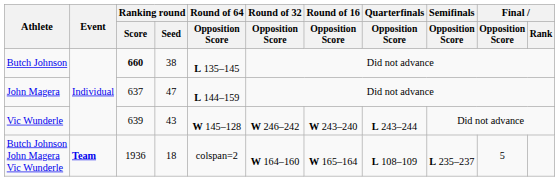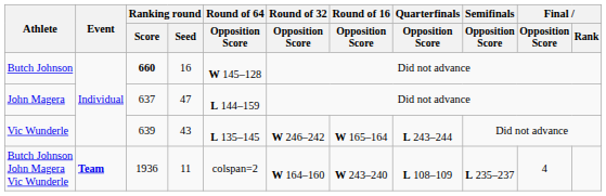 <table class=wikitable style=font-size:90%;text-align:center>
 <tr>
 <th rowspan=2>Athlete</th>
 <th rowspan=2>Event</th>
 <th colspan=2>Ranking round</th>
 <th>Round of 64</th>
 <th>Round of 32</th>
 <th>Round of 16</th>
 <th>Quarterfinals</th>
 <th>Semifinals</th>
 <th colspan=2>Final / </th>
 </tr>
 <tr style=font-size:95%>
 <th>Score</th>
 <th>Seed</th>
 <th>Opposition<br>Score</th>
 <th>Opposition<br>Score</th>
 <th>Opposition<br>Score</th>
 <th>Opposition<br>Score</th>
 <th>Opposition<br>Score</th>
 <th>Opposition<br>Score</th>
 <th>Rank</th>
 </tr>
 <tr>
 <td align=left><a href='#'>Butch Johnson</a></td>
 <td align=left rowspan=3><a href='#'>Individual</a></td>
 <td><strong>660</strong></td>
-<td>38</td>
-<td><br><strong>L</strong> 135–145</td>
+<td>16</td>
+<td><br><strong>W</strong> 145–128</td>
 <td colspan=6>Did not advance</td>
 </tr>
 <tr>
 <td align=left><a href='#'>John Magera</a></td>
 <td>637</td>
 <td>47</td>
 <td><br><strong>L</strong> 144–159</td>
 <td colspan=6>Did not advance</td>
 </tr>
 <tr>
 <td align=left><a href='#'>Vic Wunderle</a></td>
 <td>639</td>
 <td>43</td>
-<td><br><strong>W</strong> 145–128</td>
+<td><br><strong>L</strong> 135–145</td>
 <td><br><strong>W</strong> 246–242</td>
-<td><br><strong>W</strong> 243–240</td>
+<td><br><strong>W</strong> 165–164</td>
 <td><br><strong>L</strong> 243–244</td>
 <td colspan=3>Did not advance</td>
 </tr>
 <tr>
 <td align=left><a href='#'>Butch Johnson</a><br><a href='#'>John Magera</a><br><a href='#'>Vic Wunderle</a></td>
 <td align=left><strong><a href='#'>Team</a></strong></td>
 <td>1936</td>
-<td>18</td>
+<td>11</td>
 <td>colspan=2 </td>
 <td><br><strong>W</strong> 164–160</td>
-<td><br><strong>W</strong> 165–164</td>
+<td><br><strong>W</strong> 243–240</td>
 <td><br><strong>L</strong> 108–109</td>
 <td><br><strong>L</strong> 235–237</td>
-<td>5</td>
+<td>4</td>
 </tr>
 </table>
